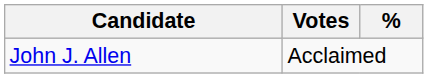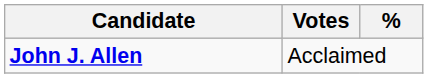 <table class="wikitable">
 <tr>
 <th style="width: 200px">Candidate</th>
 <th style="width: 50px">Votes</th>
 <th style="width: 40px">%</th>
 </tr>
 <tr>
-<td><a href='#'>John J. Allen</a></td>
+<td><strong><a href='#'>John J. Allen</a></strong></td>
 <td colspan="2">Acclaimed</td>
 </tr>
 </table>
